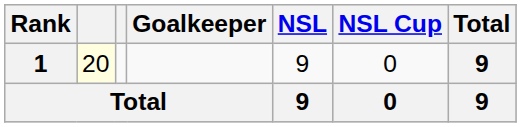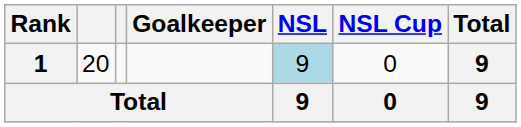 <table class="wikitable sortable" style="text-align:center">
 <tr>
 <th>Rank</th>
 <th></th>
 <th></th>
 <th>Goalkeeper</th>
 <th><a href='#'>NSL</a></th>
 <th><a href='#'>NSL Cup</a></th>
 <th>Total</th>
 </tr>
 <tr>
 <th>1</th>
-<td style="background: lightyellow;">20</td>
+<td>20</td>
 <td></td>
 <td align="left"></td>
-<td>9</td>
+<td style="background: lightblue;">9</td>
 <td>0</td>
 <th>9</th>
 </tr>
 <tr>
 <th colspan="4">Total</th>
 <th>9</th>
 <th>0</th>
 <th>9</th>
 </tr>
 </table>
